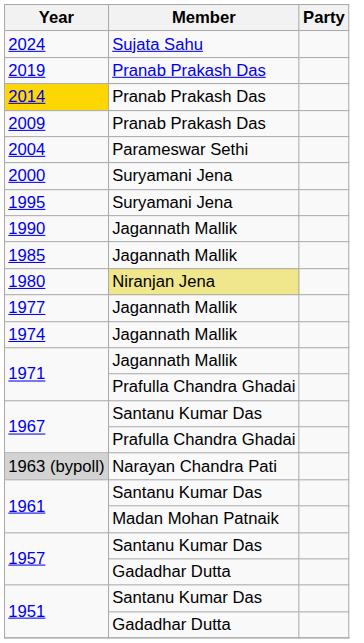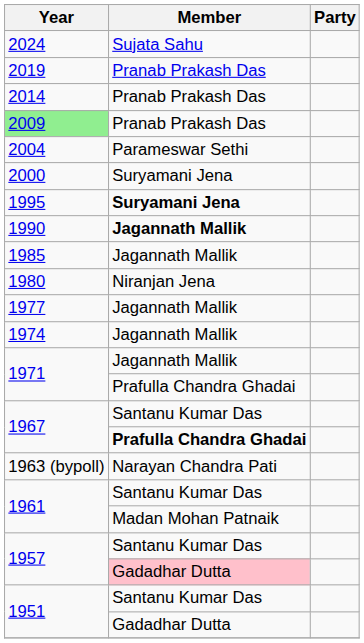 <table class="wikitable sortable">
 <tr>
 <th>Year</th>
 <th>Member</th>
 <th colspan=2>Party</th>
 </tr>
 <tr>
 <td><a href='#'>2024</a></td>
 <td><a href='#'>Sujata Sahu</a></td>
 <td></td>
 </tr>
 <tr>
 <td><a href='#'>2019</a></td>
 <td><a href='#'>Pranab Prakash Das</a></td>
 <td></td>
 </tr>
 <tr>
-<td style="background: gold;"><a href='#'>2014</a></td>
+<td><a href='#'>2014</a></td>
 <td>Pranab Prakash Das</td>
 <td></td>
 </tr>
 <tr>
-<td><a href='#'>2009</a></td>
+<td style="background: lightgreen;"><a href='#'>2009</a></td>
 <td>Pranab Prakash Das</td>
 <td></td>
 </tr>
 <tr>
 <td><a href='#'>2004</a></td>
 <td>Parameswar Sethi</td>
 <td></td>
 </tr>
 <tr>
 <td><a href='#'>2000</a></td>
 <td>Suryamani Jena</td>
 <td></td>
 </tr>
 <tr>
 <td><a href='#'>1995</a></td>
-<td>Suryamani Jena</td>
+<td><strong>Suryamani Jena</strong></td>
 <td></td>
 </tr>
 <tr>
 <td><a href='#'>1990</a></td>
-<td>Jagannath Mallik</td>
+<td><strong>Jagannath Mallik</strong></td>
 <td></td>
 </tr>
 <tr>
 <td><a href='#'>1985</a></td>
 <td>Jagannath Mallik</td>
 <td></td>
 </tr>
 <tr>
 <td><a href='#'>1980</a></td>
-<td style="background: khaki;">Niranjan Jena</td>
+<td>Niranjan Jena</td>
 <td></td>
 </tr>
 <tr>
 <td><a href='#'>1977</a></td>
 <td>Jagannath Mallik</td>
 <td></td>
 </tr>
 <tr>
 <td><a href='#'>1974</a></td>
 <td>Jagannath Mallik</td>
 <td></td>
 </tr>
 <tr>
 <td rowspan="2"><a href='#'>1971</a></td>
 <td>Jagannath Mallik</td>
 <td></td>
 </tr>
 <tr>
 <td>Prafulla Chandra Ghadai</td>
 <td></td>
 </tr>
 <tr>
 <td rowspan="2"><a href='#'>1967</a></td>
 <td>Santanu Kumar Das</td>
 <td></td>
 </tr>
 <tr>
-<td>Prafulla Chandra Ghadai</td>
+<td><strong>Prafulla Chandra Ghadai</strong></td>
 <td></td>
 </tr>
 <tr>
-<td style="background: lightgrey;">1963 (bypoll)</td>
+<td>1963 (bypoll)</td>
 <td>Narayan Chandra Pati</td>
 <td></td>
 </tr>
 <tr>
 <td rowspan="2"><a href='#'>1961</a></td>
 <td>Santanu Kumar Das</td>
 <td></td>
 </tr>
 <tr>
 <td>Madan Mohan Patnaik</td>
 <td></td>
 </tr>
 <tr>
 <td rowspan="2"><a href='#'>1957</a></td>
 <td>Santanu Kumar Das</td>
 <td></td>
 </tr>
 <tr>
-<td>Gadadhar Dutta</td>
+<td style="background: pink;">Gadadhar Dutta</td>
 <td></td>
 </tr>
 <tr>
 <td rowspan="2"><a href='#'>1951</a></td>
 <td>Santanu Kumar Das</td>
 <td></td>
 </tr>
 <tr>
 <td>Gadadhar Dutta</td>
 <td></td>
 </tr>
 <tr>
 </tr>
 </table>
